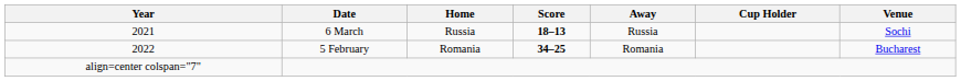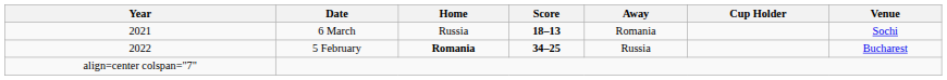 <table class="wikitable" style="text-align:center" width=85%>
 <tr>
 <th>Year</th>
 <th>Date</th>
 <th>Home</th>
 <th>Score</th>
 <th>Away</th>
 <th>Cup Holder</th>
 <th>Venue</th>
 </tr>
 <tr>
 <td>2021</td>
 <td>6 March</td>
 <td>Russia</td>
 <td><strong>18–13</strong></td>
-<td>Russia</td>
+<td>Romania</td>
 <td></td>
 <td><a href='#'>Sochi</a></td>
 </tr>
 <tr>
 <td>2022</td>
 <td>5 February</td>
-<td>Romania</td>
+<td><strong>Romania</strong></td>
 <td><strong>34–25</strong></td>
-<td>Romania</td>
+<td>Russia</td>
 <td></td>
 <td><a href='#'>Bucharest</a></td>
 </tr>
 <tr>
 <td>align=center colspan="7" </td>
 </tr>
 </table>
